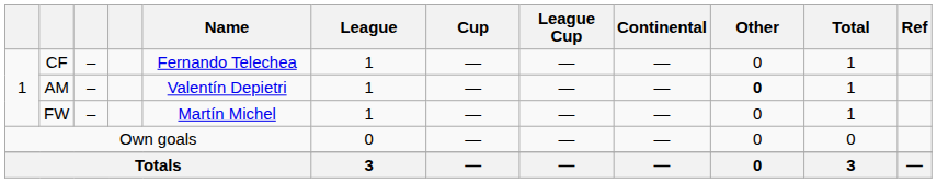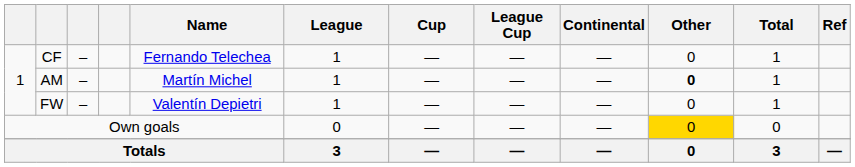 <table class="wikitable sortable" style="font-size: 95%; text-align: center;">
 <tr>
 <th style="width:25px; background:#; color:;"></th>
 <th style="width:25px; background:#; color:;"></th>
 <th style="width:25px; background:#; color:;"></th>
 <th style="width:25px; background:#; color:;"></th>
 <th style="width:150px; background:#; color:;">Name</th>
 <th style="width:100px; background:#; color:;">League</th>
 <th style="width:80px; background:#; color:;">Cup</th>
 <th style="width:80px; background:#; color:;">League Cup</th>
 <th style="width:80px; background:#; color:;">Continental</th>
 <th style="width:80px; background:#; color:;">Other</th>
 <th style="width:80px; background:#; color:;"><strong>Total</strong></th>
 <th style="width:10px; background:#; color:;"><strong>Ref</strong></th>
 </tr>
 <tr>
 <td rowspan=3>1</td>
 <td>CF</td>
 <td>–</td>
 <td></td>
 <td data-sort-value="Telechea, Fernando"><a href='#'>Fernando Telechea</a></td>
 <td>1</td>
 <td>—</td>
 <td>—</td>
 <td>—</td>
 <td>0</td>
 <td>1</td>
 <td></td>
 </tr>
 <tr>
 <td>AM</td>
 <td>–</td>
 <td></td>
-<td data-sort-value="Depietri, Valentín"><a href='#'>Valentín Depietri</a></td>
+<td data-sort-value="Michel, Martín"><a href='#'>Martín Michel</a></td>
 <td>1</td>
 <td>—</td>
 <td>—</td>
 <td>—</td>
 <td><strong>0</strong></td>
 <td>1</td>
 <td></td>
 </tr>
 <tr>
 <td>FW</td>
 <td>–</td>
 <td></td>
-<td data-sort-value="Michel, Martín"><a href='#'>Martín Michel</a></td>
+<td data-sort-value="Depietri, Valentín"><a href='#'>Valentín Depietri</a></td>
 <td>1</td>
 <td>—</td>
 <td>—</td>
 <td>—</td>
 <td>0</td>
 <td>1</td>
 <td></td>
 </tr>
 <tr>
 <td colspan="5">Own goals</td>
 <td>0</td>
 <td>—</td>
 <td>—</td>
 <td>—</td>
-<td>0</td>
+<td style="background: gold;">0</td>
 <td>0</td>
 <td></td>
 </tr>
 <tr>
 </tr>
 <tr class="sortbottom">
 </tr>
 <tr class="sortbottom">
 <th colspan=5><strong>Totals</strong></th>
 <th><strong>3</strong></th>
 <th><strong>—</strong></th>
 <th><strong>—</strong></th>
 <th><strong>—</strong></th>
 <th><strong>0</strong></th>
 <th><strong>3</strong></th>
 <th><strong>—</strong></th>
 </tr>
 </table>
